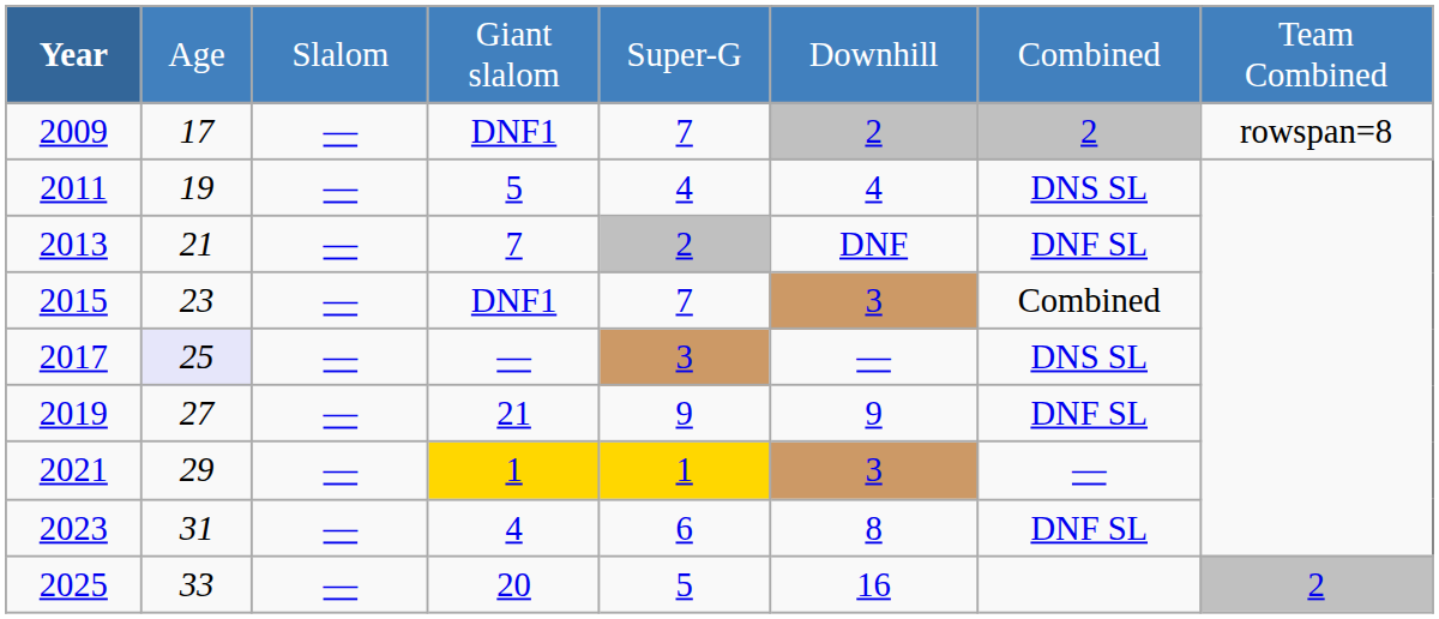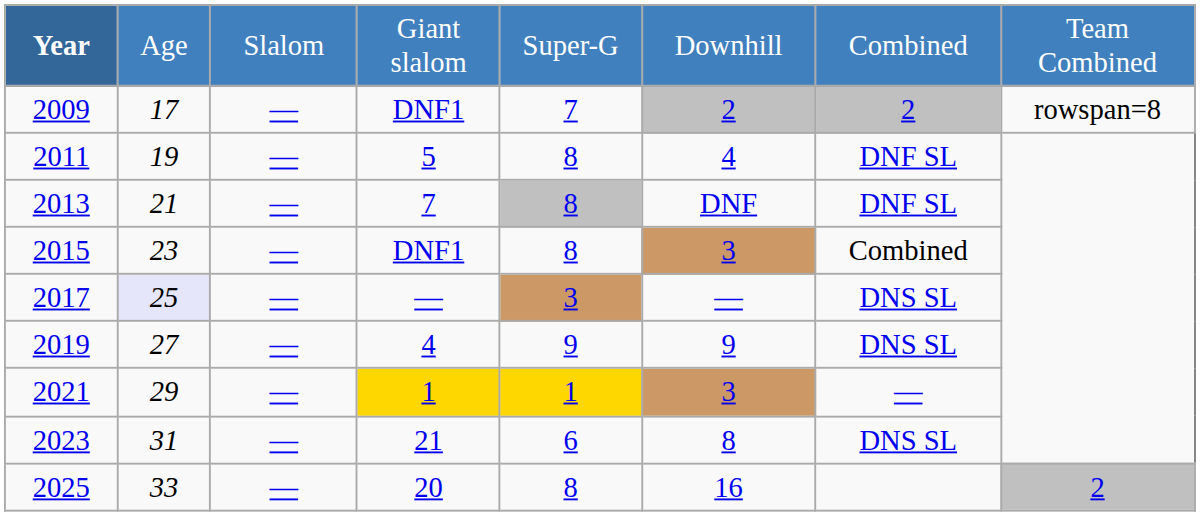 <table class="wikitable" style="font-size:95%; text-align:center; border:grey solid 1px; border-collapse:collapse;" width="40%">
 <tr style="background-color:#369; color:white;">
 <td rowspan="2" colspan="1" width="4%"><strong>Year</strong></td>
 </tr>
 <tr style="background-color:#4180be; color:white;">
 <td width="3%">Age</td>
 <td width="5%">Slalom</td>
 <td width="5%">Giant<br>slalom</td>
 <td width="5%">Super-G</td>
 <td width="5%">Downhill</td>
 <td width="5%">Combined</td>
 <td width="5%">Team<br>Combined</td>
 </tr>
 <tr style="background-color:#8CB2D8; color:white;">
 </tr>
 <tr>
 <td><a href='#'>2009</a></td>
 <td><em>17</em></td>
 <td><a href='#'>—</a></td>
 <td><a href='#'>DNF1</a></td>
 <td><a href='#'>7</a></td>
 <td style="background:silver;"><a href='#'>2</a></td>
 <td style="background:silver;"><a href='#'>2</a></td>
 <td>rowspan=8</td>
 </tr>
 <tr>
 <td><a href='#'>2011</a></td>
 <td><em>19</em></td>
 <td><a href='#'>—</a></td>
 <td><a href='#'>5</a></td>
+<td><a href='#'>8</a></td>
 <td><a href='#'>4</a></td>
-<td><a href='#'>4</a></td>
-<td><a href='#'>DNS SL</a></td>
+<td><a href='#'>DNF SL</a></td>
 </tr>
 <tr>
 <td><a href='#'>2013</a></td>
 <td><em>21</em></td>
 <td><a href='#'>—</a></td>
 <td><a href='#'>7</a></td>
-<td style="background:silver;"><a href='#'>2</a></td>
+<td style="background:silver;"><a href='#'>8</a></td>
 <td><a href='#'>DNF</a></td>
 <td><a href='#'>DNF SL</a></td>
 </tr>
 <tr>
 <td><a href='#'>2015</a></td>
 <td><em>23</em></td>
 <td><a href='#'>—</a></td>
 <td><a href='#'>DNF1</a></td>
-<td><a href='#'>7</a></td>
+<td><a href='#'>8</a></td>
 <td style="background:#c96;"><a href='#'>3</a></td>
 <td width="5%">Combined</td>
 </tr>
 <tr>
 <td><a href='#'>2017</a></td>
 <td style="background: lavender;"><em>25</em></td>
 <td><a href='#'>—</a></td>
 <td><a href='#'>—</a></td>
 <td style="background:#c96;"><a href='#'>3</a></td>
 <td><a href='#'>—</a></td>
 <td><a href='#'>DNS SL</a></td>
 </tr>
 <tr>
 <td><a href='#'>2019</a></td>
 <td><em>27</em></td>
 <td><a href='#'>—</a></td>
-<td><a href='#'>21</a></td>
+<td><a href='#'>4</a></td>
 <td><a href='#'>9</a></td>
 <td><a href='#'>9</a></td>
-<td><a href='#'>DNF SL</a></td>
+<td><a href='#'>DNS SL</a></td>
 </tr>
 <tr>
 <td><a href='#'>2021</a></td>
 <td><em>29</em></td>
 <td><a href='#'>—</a></td>
 <td style="background:gold;"><a href='#'>1</a></td>
 <td style="background:gold;"><a href='#'>1</a></td>
 <td style="background:#c96;"><a href='#'>3</a></td>
 <td><a href='#'>—</a></td>
 </tr>
 <tr>
 <td><a href='#'>2023</a></td>
 <td><em>31</em></td>
 <td><a href='#'>—</a></td>
-<td><a href='#'>4</a></td>
+<td><a href='#'>21</a></td>
 <td><a href='#'>6</a></td>
 <td><a href='#'>8</a></td>
-<td><a href='#'>DNF SL</a></td>
+<td><a href='#'>DNS SL</a></td>
 </tr>
 <tr>
 <td><a href='#'>2025</a></td>
 <td><em>33</em></td>
 <td><a href='#'>—</a></td>
 <td><a href='#'>20</a></td>
-<td><a href='#'>5</a></td>
+<td><a href='#'>8</a></td>
 <td><a href='#'>16</a></td>
 <td></td>
 <td style="background:silver;"><a href='#'>2</a></td>
 </tr>
 </table>
